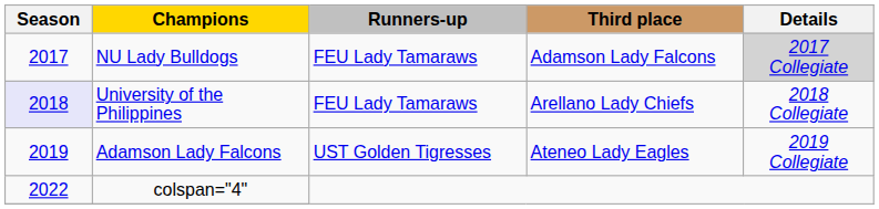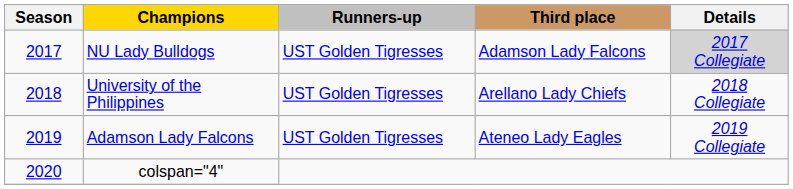 <table class=wikitable style="border-collapse: collapse; font-size:90%; text-align: center" width=80%>
 <tr>
 <th width=10%>Season</th>
 <th width=25% style="background:gold">Champions</th>
 <th width=25% style="background:silver">Runners-up</th>
 <th width=25% style="background:#cc9966">Third place</th>
 <th width=15%>Details</th>
 </tr>
 <tr>
 <td><a href='#'>2017</a></td>
 <td style="text-align:left"><a href='#'>NU Lady Bulldogs</a></td>
-<td style="text-align:left"><a href='#'>FEU Lady Tamaraws</a></td>
+<td style="text-align:left"><a href='#'>UST Golden Tigresses</a></td>
 <td style="text-align:left"><a href='#'>Adamson Lady Falcons</a></td>
 <td style="background: lightgrey;"><a href='#'><em>2017 Collegiate</em></a></td>
 </tr>
 <tr>
-<td style="background: lavender;"><a href='#'>2018</a></td>
+<td><a href='#'>2018</a></td>
 <td style="text-align:left"><a href='#'>University of the Philippines</a></td>
-<td style="text-align:left"><a href='#'>FEU Lady Tamaraws</a></td>
+<td style="text-align:left"><a href='#'>UST Golden Tigresses</a></td>
 <td style="text-align:left"><a href='#'>Arellano Lady Chiefs</a></td>
 <td><a href='#'><em>2018 Collegiate</em></a></td>
 </tr>
 <tr>
 <td><a href='#'>2019</a></td>
 <td style="text-align:left"><a href='#'>Adamson Lady Falcons</a></td>
 <td style="text-align:left"><a href='#'>UST Golden Tigresses</a></td>
 <td style="text-align:left"><a href='#'>Ateneo Lady Eagles</a></td>
 <td><a href='#'><em>2019 Collegiate</em></a></td>
 </tr>
 <tr>
-<td><a href='#'>2022</a></td>
+<td><a href='#'>2020</a></td>
 <td>colspan="4" </td>
 </tr>
 <tr>
 </tr>
 </table>
